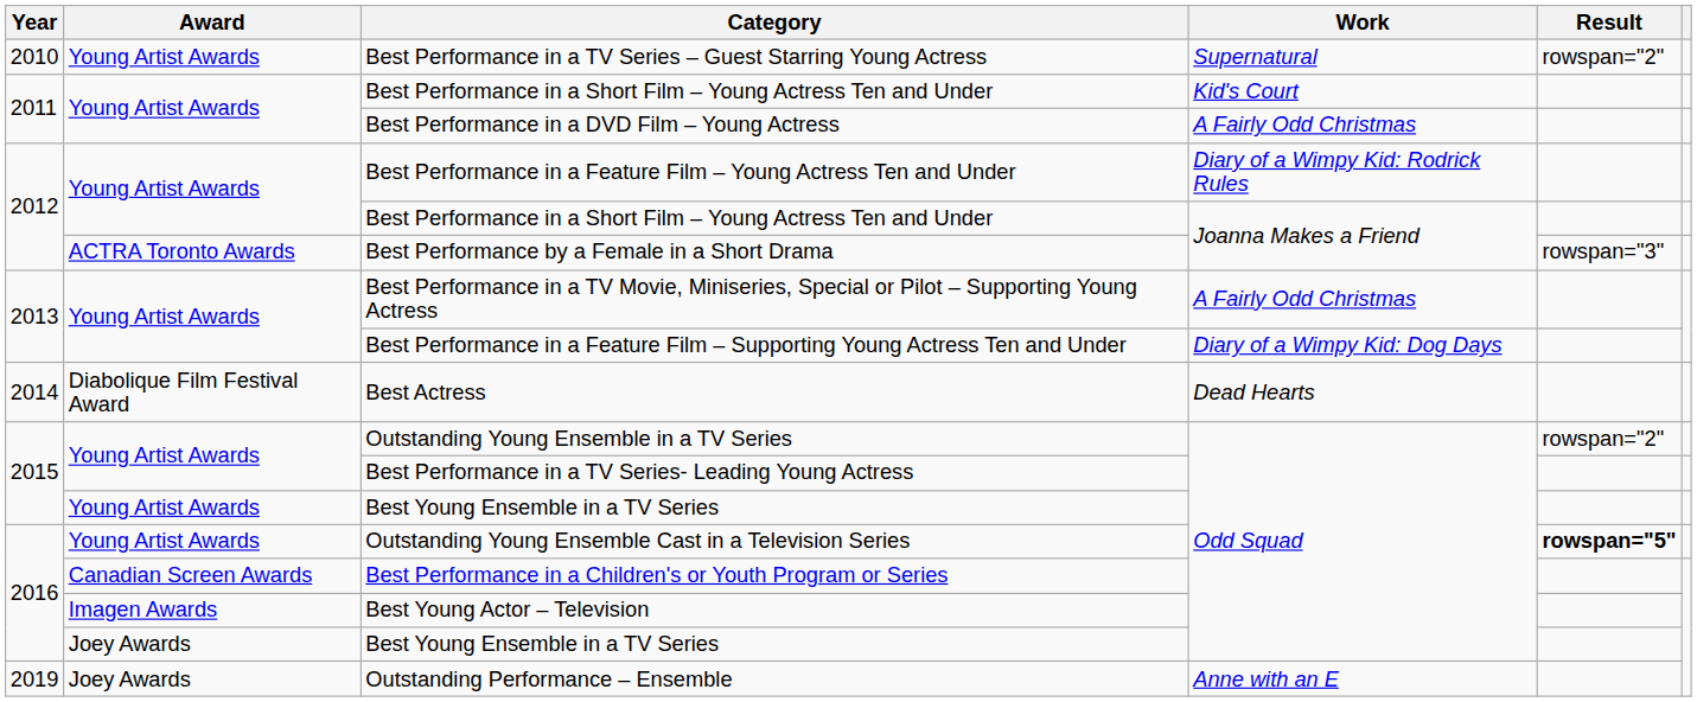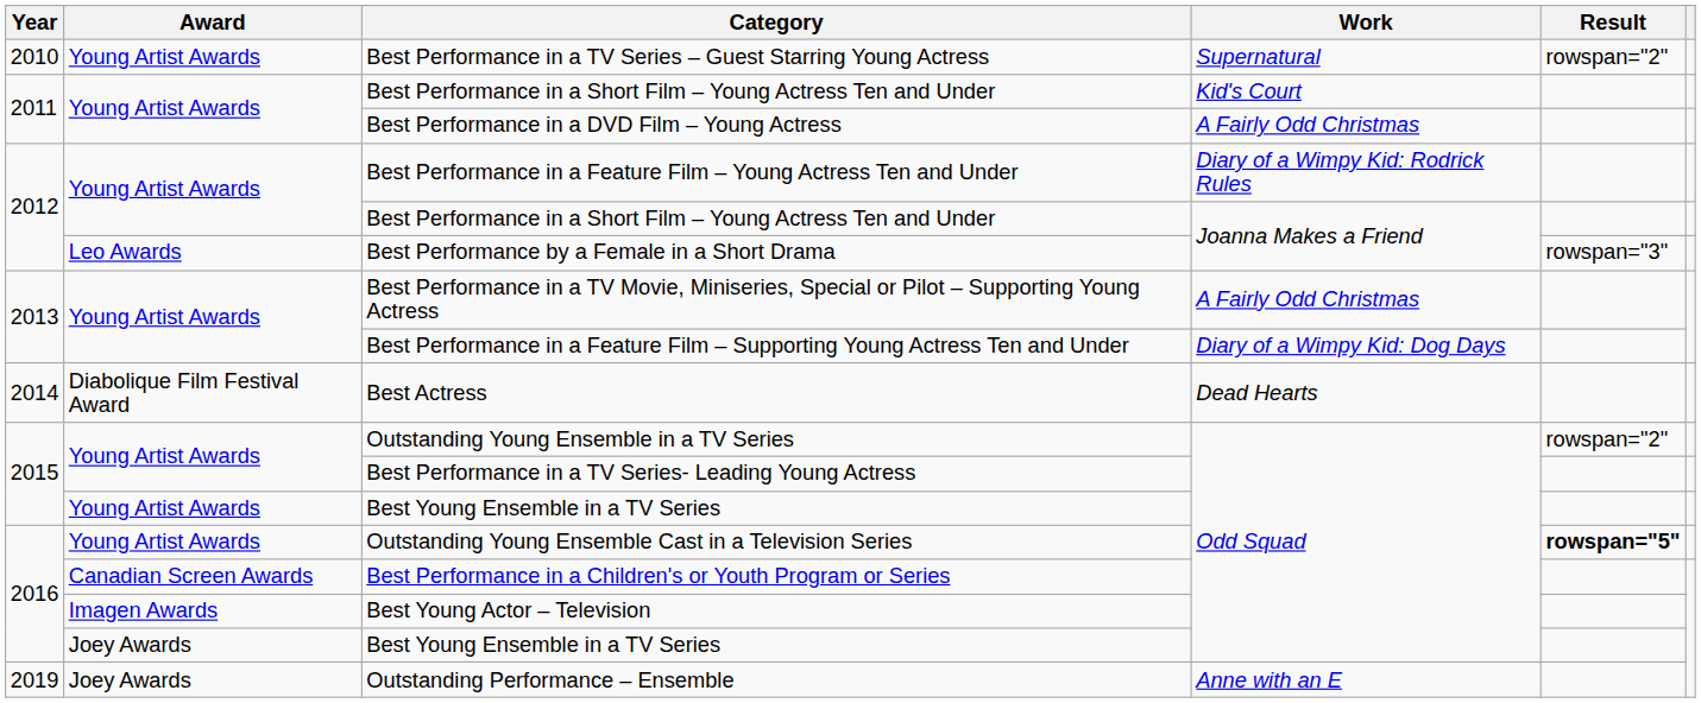 <table class="wikitable">
 <tr>
 <th>Year</th>
 <th>Award</th>
 <th>Category</th>
 <th>Work</th>
 <th>Result</th>
 <th></th>
 </tr>
 <tr>
 <td>2010</td>
 <td><a href='#'>Young Artist Awards</a></td>
 <td>Best Performance in a TV Series – Guest Starring Young Actress</td>
 <td><em><a href='#'>Supernatural</a></em></td>
 <td>rowspan="2" </td>
 <td></td>
 </tr>
 <tr>
 <td rowspan="2">2011</td>
 <td rowspan="2"><a href='#'>Young Artist Awards</a></td>
 <td>Best Performance in a Short Film – Young Actress Ten and Under</td>
 <td><em><a href='#'>Kid's Court</a></em></td>
 <td></td>
 </tr>
 <tr>
 <td>Best Performance in a DVD Film – Young Actress</td>
 <td><em><a href='#'>A Fairly Odd Christmas</a></em></td>
 <td></td>
 <td></td>
 </tr>
 <tr>
 <td rowspan="3">2012</td>
 <td rowspan="2"><a href='#'>Young Artist Awards</a></td>
 <td>Best Performance in a Feature Film – Young Actress Ten and Under</td>
 <td><em><a href='#'>Diary of a Wimpy Kid: Rodrick Rules</a></em></td>
 <td></td>
 <td></td>
 </tr>
 <tr>
 <td>Best Performance in a Short Film – Young Actress Ten and Under</td>
 <td rowspan="2"><em>Joanna Makes a Friend</em></td>
 <td></td>
 <td></td>
 </tr>
 <tr>
-<td><a href='#'>ACTRA Toronto Awards</a></td>
+<td><a href='#'>Leo Awards</a></td>
 <td>Best Performance by a Female in a Short Drama</td>
 <td>rowspan="3" </td>
 <td></td>
 </tr>
 <tr>
 <td rowspan="2">2013</td>
 <td rowspan="2"><a href='#'>Young Artist Awards</a></td>
 <td>Best Performance in a TV Movie, Miniseries, Special or Pilot – Supporting Young Actress</td>
 <td><em><a href='#'>A Fairly Odd Christmas</a></em></td>
 <td></td>
 </tr>
 <tr>
 <td>Best Performance in a Feature Film – Supporting Young Actress Ten and Under</td>
 <td><em><a href='#'>Diary of a Wimpy Kid: Dog Days</a></em></td>
 <td></td>
 </tr>
 <tr>
 <td>2014</td>
 <td>Diabolique Film Festival Award</td>
 <td>Best Actress</td>
 <td><em>Dead Hearts</em></td>
 <td></td>
 <td></td>
 </tr>
 <tr>
 <td rowspan="3">2015</td>
 <td rowspan="2"><a href='#'>Young Artist Awards</a></td>
 <td>Outstanding Young Ensemble in a TV Series </td>
 <td rowspan="7"><em><a href='#'>Odd Squad</a></em></td>
 <td>rowspan="2" </td>
 <td></td>
 </tr>
 <tr>
 <td>Best Performance in a TV Series- Leading Young Actress</td>
 <td></td>
 </tr>
 <tr>
 <td><a href='#'>Young Artist Awards</a></td>
 <td>Best Young Ensemble in a TV Series </td>
 <td></td>
 <td></td>
 </tr>
 <tr>
 <td rowspan="4">2016</td>
 <td><a href='#'>Young Artist Awards</a></td>
 <td>Outstanding Young Ensemble Cast in a Television Series </td>
 <td><strong>rowspan="5" </strong></td>
 <td></td>
 </tr>
 <tr>
 <td><a href='#'>Canadian Screen Awards</a></td>
 <td><a href='#'>Best Performance in a Children's or Youth Program or Series</a></td>
 <td></td>
 </tr>
 <tr>
 <td><a href='#'>Imagen Awards</a></td>
 <td>Best Young Actor – Television</td>
 <td></td>
 </tr>
 <tr>
 <td>Joey Awards</td>
 <td>Best Young Ensemble in a TV Series </td>
 <td></td>
 </tr>
 <tr>
 <td>2019</td>
 <td>Joey Awards</td>
 <td>Outstanding Performance – Ensemble</td>
 <td><em><a href='#'>Anne with an E</a></em></td>
 <td></td>
 </tr>
 </table>
